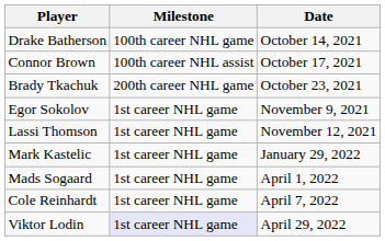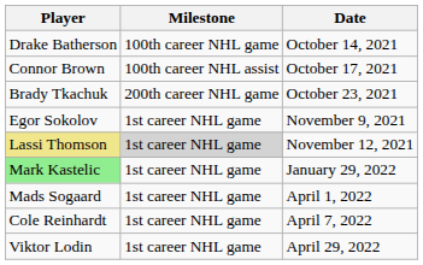 <table class="wikitable">
 <tr>
 <th>Player</th>
 <th>Milestone</th>
 <th>Date</th>
 </tr>
 <tr>
 <td>Drake Batherson</td>
 <td>100th career NHL game</td>
 <td>October 14, 2021</td>
 </tr>
 <tr>
 <td>Connor Brown</td>
 <td>100th career NHL assist</td>
 <td>October 17, 2021</td>
 </tr>
 <tr>
 <td>Brady Tkachuk</td>
 <td>200th career NHL game</td>
 <td>October 23, 2021</td>
 </tr>
 <tr>
 <td>Egor Sokolov</td>
 <td>1st career NHL game</td>
 <td>November 9, 2021</td>
 </tr>
 <tr>
-<td>Lassi Thomson</td>
-<td>1st career NHL game</td>
+<td style="background: khaki;">Lassi Thomson</td>
+<td style="background: lightgrey;">1st career NHL game</td>
 <td>November 12, 2021</td>
 </tr>
 <tr>
-<td>Mark Kastelic</td>
+<td style="background: lightgreen;">Mark Kastelic</td>
 <td>1st career NHL game</td>
 <td>January 29, 2022</td>
 </tr>
 <tr>
 <td>Mads Sogaard</td>
 <td>1st career NHL game</td>
 <td>April 1, 2022</td>
 </tr>
 <tr>
 <td>Cole Reinhardt</td>
 <td>1st career NHL game</td>
 <td>April 7, 2022</td>
 </tr>
 <tr>
 <td>Viktor Lodin</td>
-<td style="background: lavender;">1st career NHL game</td>
+<td>1st career NHL game</td>
 <td>April 29, 2022</td>
 </tr>
 </table>
